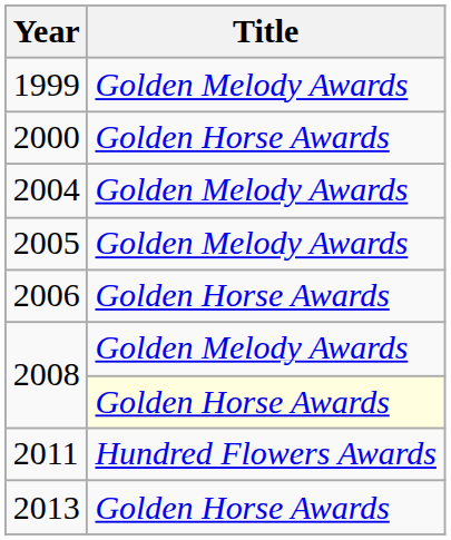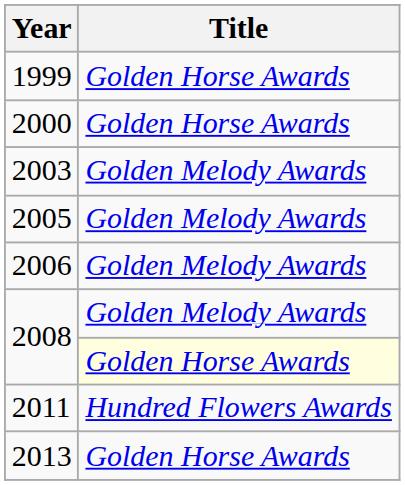 <table class="wikitable">
 <tr>
 <th>Year</th>
 <th>Title</th>
 </tr>
 <tr>
 <td>1999</td>
-<td><em><a href='#'>Golden Melody Awards</a></em></td>
+<td><em><a href='#'>Golden Horse Awards</a></em></td>
 </tr>
 <tr>
 <td>2000</td>
 <td><em><a href='#'>Golden Horse Awards</a></em></td>
 </tr>
 <tr>
-<td>2004</td>
+<td>2003</td>
 <td><em><a href='#'>Golden Melody Awards</a></em></td>
 </tr>
 <tr>
 <td>2005</td>
 <td><em><a href='#'>Golden Melody Awards</a></em></td>
 </tr>
 <tr>
 <td>2006</td>
-<td><em><a href='#'>Golden Horse Awards</a></em></td>
+<td><em><a href='#'>Golden Melody Awards</a></em></td>
 </tr>
 <tr>
 <td rowspan=2>2008</td>
 <td><em><a href='#'>Golden Melody Awards</a></em></td>
 </tr>
 <tr>
 <td style="background: lightyellow;"><em><a href='#'>Golden Horse Awards</a></em></td>
 </tr>
 <tr>
 <td>2011</td>
 <td><em><a href='#'>Hundred Flowers Awards</a></em></td>
 </tr>
 <tr>
 <td>2013</td>
 <td><em><a href='#'>Golden Horse Awards</a></em></td>
 </tr>
 </table>
